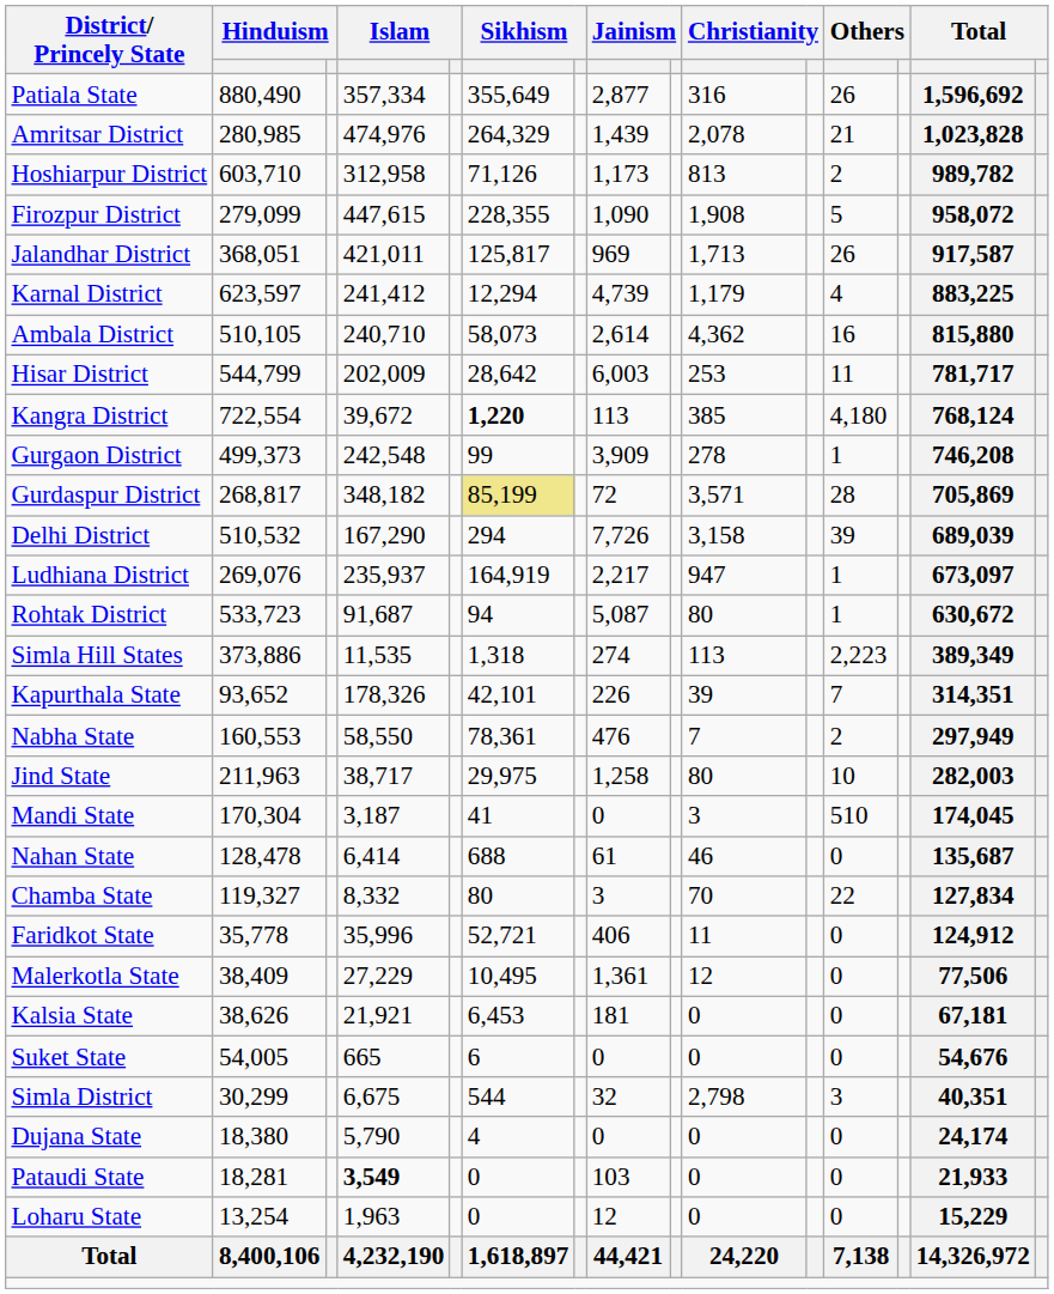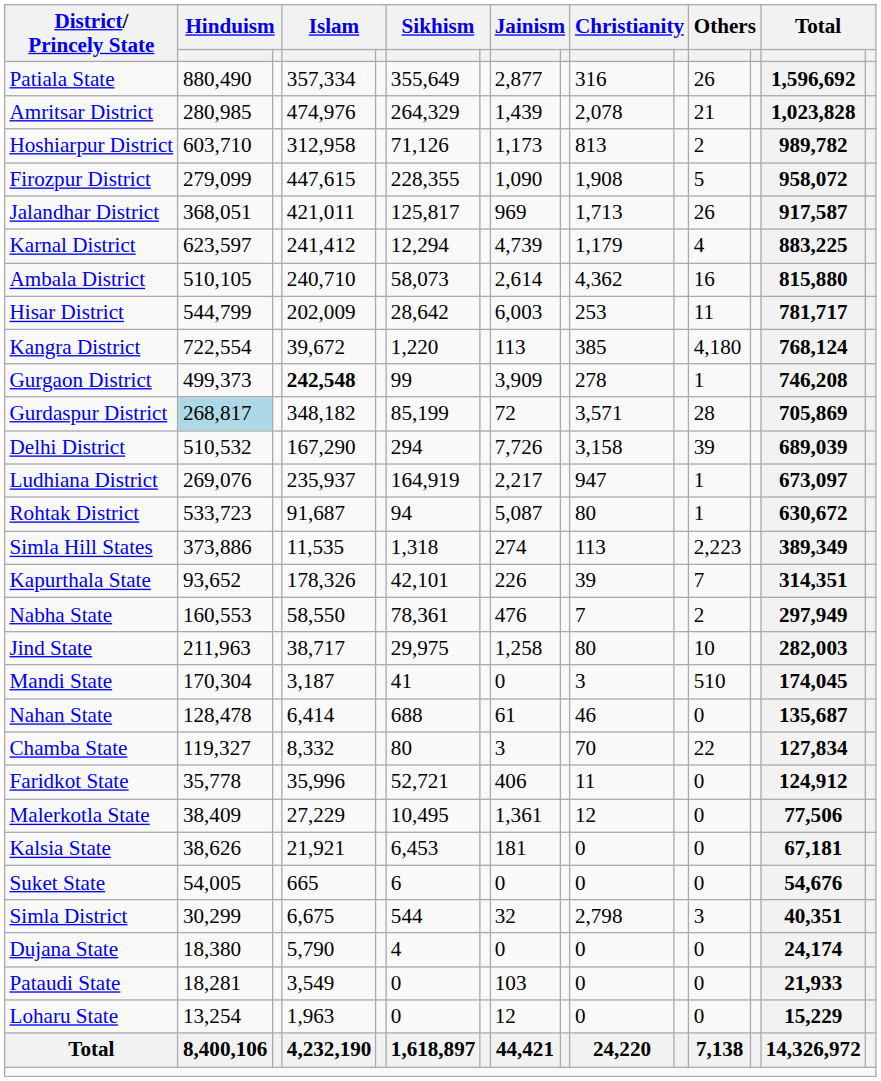 <table class="wikitable sortable mw-collapsible">
 <tr>
 <th rowspan="2"><a href='#'>District</a>/<br><a href='#'>Princely State</a></th>
 <th colspan="2"><a href='#'>Hinduism</a> </th>
 <th colspan="2"><a href='#'>Islam</a> </th>
 <th colspan="2"><a href='#'>Sikhism</a> </th>
 <th colspan="2"><a href='#'>Jainism</a> </th>
 <th colspan="2"><a href='#'>Christianity</a> </th>
 <th colspan="2">Others</th>
 <th colspan="2">Total</th>
 </tr>
 <tr>
 <th><a href='#'></a></th>
 <th></th>
 <th></th>
 <th></th>
 <th></th>
 <th></th>
 <th></th>
 <th></th>
 <th></th>
 <th></th>
 <th></th>
 <th></th>
 <th></th>
 <th></th>
 </tr>
 <tr>
 <td><a href='#'>Patiala State</a></td>
 <td>880,490</td>
 <td></td>
 <td>357,334</td>
 <td></td>
 <td>355,649</td>
 <td></td>
 <td>2,877</td>
 <td></td>
 <td>316</td>
 <td></td>
 <td>26</td>
 <td></td>
 <th>1,596,692</th>
 <th></th>
 </tr>
 <tr>
 <td><a href='#'>Amritsar District</a></td>
 <td>280,985</td>
 <td></td>
 <td>474,976</td>
 <td></td>
 <td>264,329</td>
 <td></td>
 <td>1,439</td>
 <td></td>
 <td>2,078</td>
 <td></td>
 <td>21</td>
 <td></td>
 <th>1,023,828</th>
 <th></th>
 </tr>
 <tr>
 <td><a href='#'>Hoshiarpur District</a></td>
 <td>603,710</td>
 <td></td>
 <td>312,958</td>
 <td></td>
 <td>71,126</td>
 <td></td>
 <td>1,173</td>
 <td></td>
 <td>813</td>
 <td></td>
 <td>2</td>
 <td></td>
 <th>989,782</th>
 <th></th>
 </tr>
 <tr>
 <td><a href='#'>Firozpur District</a></td>
 <td>279,099</td>
 <td></td>
 <td>447,615</td>
 <td></td>
 <td>228,355</td>
 <td></td>
 <td>1,090</td>
 <td></td>
 <td>1,908</td>
 <td></td>
 <td>5</td>
 <td></td>
 <th>958,072</th>
 <th></th>
 </tr>
 <tr>
 <td><a href='#'>Jalandhar District</a></td>
 <td>368,051</td>
 <td></td>
 <td>421,011</td>
 <td></td>
 <td>125,817</td>
 <td></td>
 <td>969</td>
 <td></td>
 <td>1,713</td>
 <td></td>
 <td>26</td>
 <td></td>
 <th>917,587</th>
 <th></th>
 </tr>
 <tr>
 <td><a href='#'>Karnal District</a></td>
 <td>623,597</td>
 <td></td>
 <td>241,412</td>
 <td></td>
 <td>12,294</td>
 <td></td>
 <td>4,739</td>
 <td></td>
 <td>1,179</td>
 <td></td>
 <td>4</td>
 <td></td>
 <th>883,225</th>
 <th></th>
 </tr>
 <tr>
 <td><a href='#'>Ambala District</a></td>
 <td>510,105</td>
 <td></td>
 <td>240,710</td>
 <td></td>
 <td>58,073</td>
 <td></td>
 <td>2,614</td>
 <td></td>
 <td>4,362</td>
 <td></td>
 <td>16</td>
 <td></td>
 <th>815,880</th>
 <th></th>
 </tr>
 <tr>
 <td><a href='#'>Hisar District</a></td>
 <td>544,799</td>
 <td></td>
 <td>202,009</td>
 <td></td>
 <td>28,642</td>
 <td></td>
 <td>6,003</td>
 <td></td>
 <td>253</td>
 <td></td>
 <td>11</td>
 <td></td>
 <th>781,717</th>
 <th></th>
 </tr>
 <tr>
 <td><a href='#'>Kangra District</a></td>
 <td>722,554</td>
 <td></td>
 <td>39,672</td>
 <td></td>
-<td><strong>1,220</strong></td>
+<td>1,220</td>
 <td></td>
 <td>113</td>
 <td></td>
 <td>385</td>
 <td></td>
 <td>4,180</td>
 <td></td>
 <th>768,124</th>
 <th></th>
 </tr>
 <tr>
 <td><a href='#'>Gurgaon District</a></td>
 <td>499,373</td>
 <td></td>
-<td>242,548</td>
+<td><strong>242,548</strong></td>
 <td></td>
 <td>99</td>
 <td></td>
 <td>3,909</td>
 <td></td>
 <td>278</td>
 <td></td>
 <td>1</td>
 <td></td>
 <th>746,208</th>
 <th></th>
 </tr>
 <tr>
 <td><a href='#'>Gurdaspur District</a></td>
-<td>268,817</td>
+<td style="background: lightblue;">268,817</td>
 <td></td>
 <td>348,182</td>
 <td></td>
-<td style="background: khaki;">85,199</td>
+<td>85,199</td>
 <td></td>
 <td>72</td>
 <td></td>
 <td>3,571</td>
 <td></td>
 <td>28</td>
 <td></td>
 <th>705,869</th>
 <th></th>
 </tr>
 <tr>
 <td><a href='#'>Delhi District</a></td>
 <td>510,532</td>
 <td></td>
 <td>167,290</td>
 <td></td>
 <td>294</td>
 <td></td>
 <td>7,726</td>
 <td></td>
 <td>3,158</td>
 <td></td>
 <td>39</td>
 <td></td>
 <th>689,039</th>
 <th></th>
 </tr>
 <tr>
 <td><a href='#'>Ludhiana District</a></td>
 <td>269,076</td>
 <td></td>
 <td>235,937</td>
 <td></td>
 <td>164,919</td>
 <td></td>
 <td>2,217</td>
 <td></td>
 <td>947</td>
 <td></td>
 <td>1</td>
 <td></td>
 <th>673,097</th>
 <th></th>
 </tr>
 <tr>
 <td><a href='#'>Rohtak District</a></td>
 <td>533,723</td>
 <td></td>
 <td>91,687</td>
 <td></td>
 <td>94</td>
 <td></td>
 <td>5,087</td>
 <td></td>
 <td>80</td>
 <td></td>
 <td>1</td>
 <td></td>
 <th>630,672</th>
 <th></th>
 </tr>
 <tr>
 <td><a href='#'>Simla Hill States</a></td>
 <td>373,886</td>
 <td></td>
 <td>11,535</td>
 <td></td>
 <td>1,318</td>
 <td></td>
 <td>274</td>
 <td></td>
 <td>113</td>
 <td></td>
 <td>2,223</td>
 <td></td>
 <th>389,349</th>
 <th></th>
 </tr>
 <tr>
 <td><a href='#'>Kapurthala State</a></td>
 <td>93,652</td>
 <td></td>
 <td>178,326</td>
 <td></td>
 <td>42,101</td>
 <td></td>
 <td>226</td>
 <td></td>
 <td>39</td>
 <td></td>
 <td>7</td>
 <td></td>
 <th>314,351</th>
 <th></th>
 </tr>
 <tr>
 <td><a href='#'>Nabha State</a></td>
 <td>160,553</td>
 <td></td>
 <td>58,550</td>
 <td></td>
 <td>78,361</td>
 <td></td>
 <td>476</td>
 <td></td>
 <td>7</td>
 <td></td>
 <td>2</td>
 <td></td>
 <th>297,949</th>
 <th></th>
 </tr>
 <tr>
 <td><a href='#'>Jind State</a></td>
 <td>211,963</td>
 <td></td>
 <td>38,717</td>
 <td></td>
 <td>29,975</td>
 <td></td>
 <td>1,258</td>
 <td></td>
 <td>80</td>
 <td></td>
 <td>10</td>
 <td></td>
 <th>282,003</th>
 <th></th>
 </tr>
 <tr>
 <td><a href='#'>Mandi State</a></td>
 <td>170,304</td>
 <td></td>
 <td>3,187</td>
 <td></td>
 <td>41</td>
 <td></td>
 <td>0</td>
 <td></td>
 <td>3</td>
 <td></td>
 <td>510</td>
 <td></td>
 <th>174,045</th>
 <th></th>
 </tr>
 <tr>
 <td><a href='#'>Nahan State</a></td>
 <td>128,478</td>
 <td></td>
 <td>6,414</td>
 <td></td>
 <td>688</td>
 <td></td>
 <td>61</td>
 <td></td>
 <td>46</td>
 <td></td>
 <td>0</td>
 <td></td>
 <th>135,687</th>
 <th></th>
 </tr>
 <tr>
 <td><a href='#'>Chamba State</a></td>
 <td>119,327</td>
 <td></td>
 <td>8,332</td>
 <td></td>
 <td>80</td>
 <td></td>
 <td>3</td>
 <td></td>
 <td>70</td>
 <td></td>
 <td>22</td>
 <td></td>
 <th>127,834</th>
 <th></th>
 </tr>
 <tr>
 <td><a href='#'>Faridkot State</a></td>
 <td>35,778</td>
 <td></td>
 <td>35,996</td>
 <td></td>
 <td>52,721</td>
 <td></td>
 <td>406</td>
 <td></td>
 <td>11</td>
 <td></td>
 <td>0</td>
 <td></td>
 <th>124,912</th>
 <th></th>
 </tr>
 <tr>
 <td><a href='#'>Malerkotla State</a></td>
 <td>38,409</td>
 <td></td>
 <td>27,229</td>
 <td></td>
 <td>10,495</td>
 <td></td>
 <td>1,361</td>
 <td></td>
 <td>12</td>
 <td></td>
 <td>0</td>
 <td></td>
 <th>77,506</th>
 <th></th>
 </tr>
 <tr>
 <td><a href='#'>Kalsia State</a></td>
 <td>38,626</td>
 <td></td>
 <td>21,921</td>
 <td></td>
 <td>6,453</td>
 <td></td>
 <td>181</td>
 <td></td>
 <td>0</td>
 <td></td>
 <td>0</td>
 <td></td>
 <th>67,181</th>
 <th></th>
 </tr>
 <tr>
 <td><a href='#'>Suket State</a></td>
 <td>54,005</td>
 <td></td>
 <td>665</td>
 <td></td>
 <td>6</td>
 <td></td>
 <td>0</td>
 <td></td>
 <td>0</td>
 <td></td>
 <td>0</td>
 <td></td>
 <th>54,676</th>
 <th></th>
 </tr>
 <tr>
 <td><a href='#'>Simla District</a></td>
 <td>30,299</td>
 <td></td>
 <td>6,675</td>
 <td></td>
 <td>544</td>
 <td></td>
 <td>32</td>
 <td></td>
 <td>2,798</td>
 <td></td>
 <td>3</td>
 <td></td>
 <th>40,351</th>
 <th></th>
 </tr>
 <tr>
 <td><a href='#'>Dujana State</a></td>
 <td>18,380</td>
 <td></td>
 <td>5,790</td>
 <td></td>
 <td>4</td>
 <td></td>
 <td>0</td>
 <td></td>
 <td>0</td>
 <td></td>
 <td>0</td>
 <td></td>
 <th>24,174</th>
 <th></th>
 </tr>
 <tr>
 <td><a href='#'>Pataudi State</a></td>
 <td>18,281</td>
 <td></td>
-<td><strong>3,549</strong></td>
+<td>3,549</td>
 <td></td>
 <td>0</td>
 <td></td>
 <td>103</td>
 <td></td>
 <td>0</td>
 <td></td>
 <td>0</td>
 <td></td>
 <th>21,933</th>
 <th></th>
 </tr>
 <tr>
 <td><a href='#'>Loharu State</a></td>
 <td>13,254</td>
 <td></td>
 <td>1,963</td>
 <td></td>
 <td>0</td>
 <td></td>
 <td>12</td>
 <td></td>
 <td>0</td>
 <td></td>
 <td>0</td>
 <td></td>
 <th>15,229</th>
 <th></th>
 </tr>
 <tr>
 <th>Total</th>
 <th>8,400,106</th>
 <th></th>
 <th>4,232,190</th>
 <th></th>
 <th>1,618,897</th>
 <th></th>
 <th>44,421</th>
 <th></th>
 <th>24,220</th>
 <th></th>
 <th>7,138</th>
 <th></th>
 <th>14,326,972</th>
 <th></th>
 </tr>
 <tr class="sortbottom">
 <td colspan="15"></td>
 </tr>
 </table>
